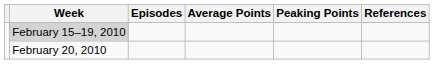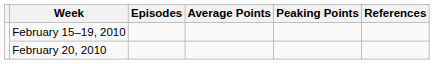 <table class="wikitable">
 <tr>
 <th></th>
 <th>Week</th>
 <th>Episodes</th>
 <th>Average Points</th>
 <th>Peaking Points</th>
 <th>References</th>
 </tr>
 <tr>
 <td rowspan="2"></td>
-<td style="background: lightgrey;">February 15–19, 2010</td>
+<td>February 15–19, 2010</td>
 <td></td>
 <td></td>
 <td></td>
 <td></td>
 </tr>
 <tr>
 <td>February 20, 2010</td>
 <td></td>
 <td></td>
 <td></td>
 <td></td>
 </tr>
 </table>
